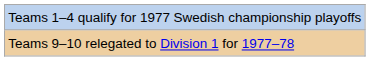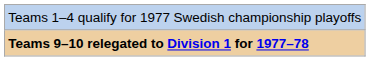 <table class="wikitable">
 <tr bgcolor="#BCD2EE">
 <td><small>Teams 1–4 qualify for 1977 Swedish championship playoffs</small></td>
 </tr>
 <tr bgcolor="#EECFA1">
-<td><small>Teams 9–10 relegated to <a href='#'>Division 1</a> for <a href='#'>1977–78</a></small></td>
+<td><strong><small>Teams 9–10 relegated to <a href='#'>Division 1</a> for <a href='#'>1977–78</a></small></strong></td>
 </tr>
 </table>
